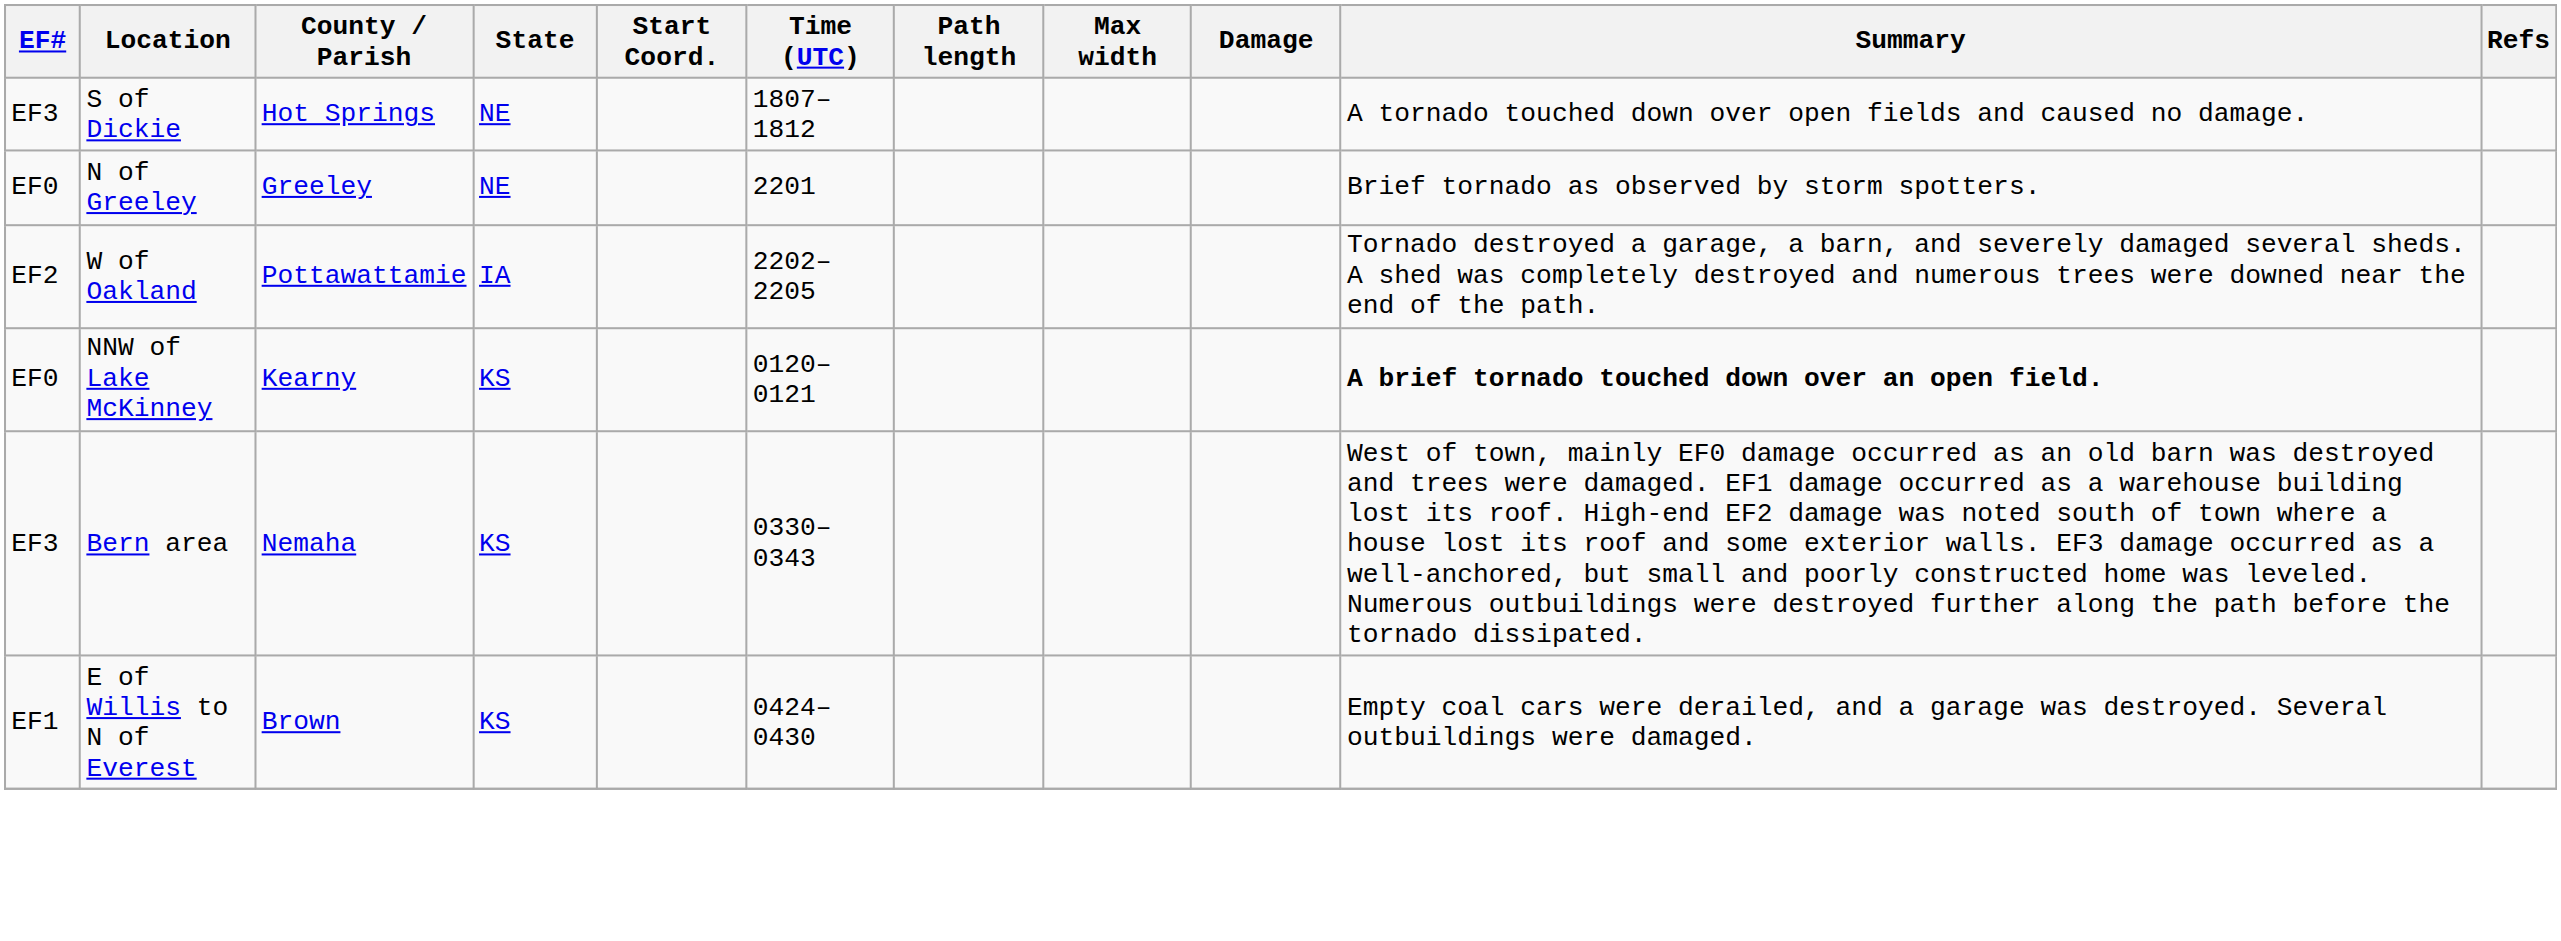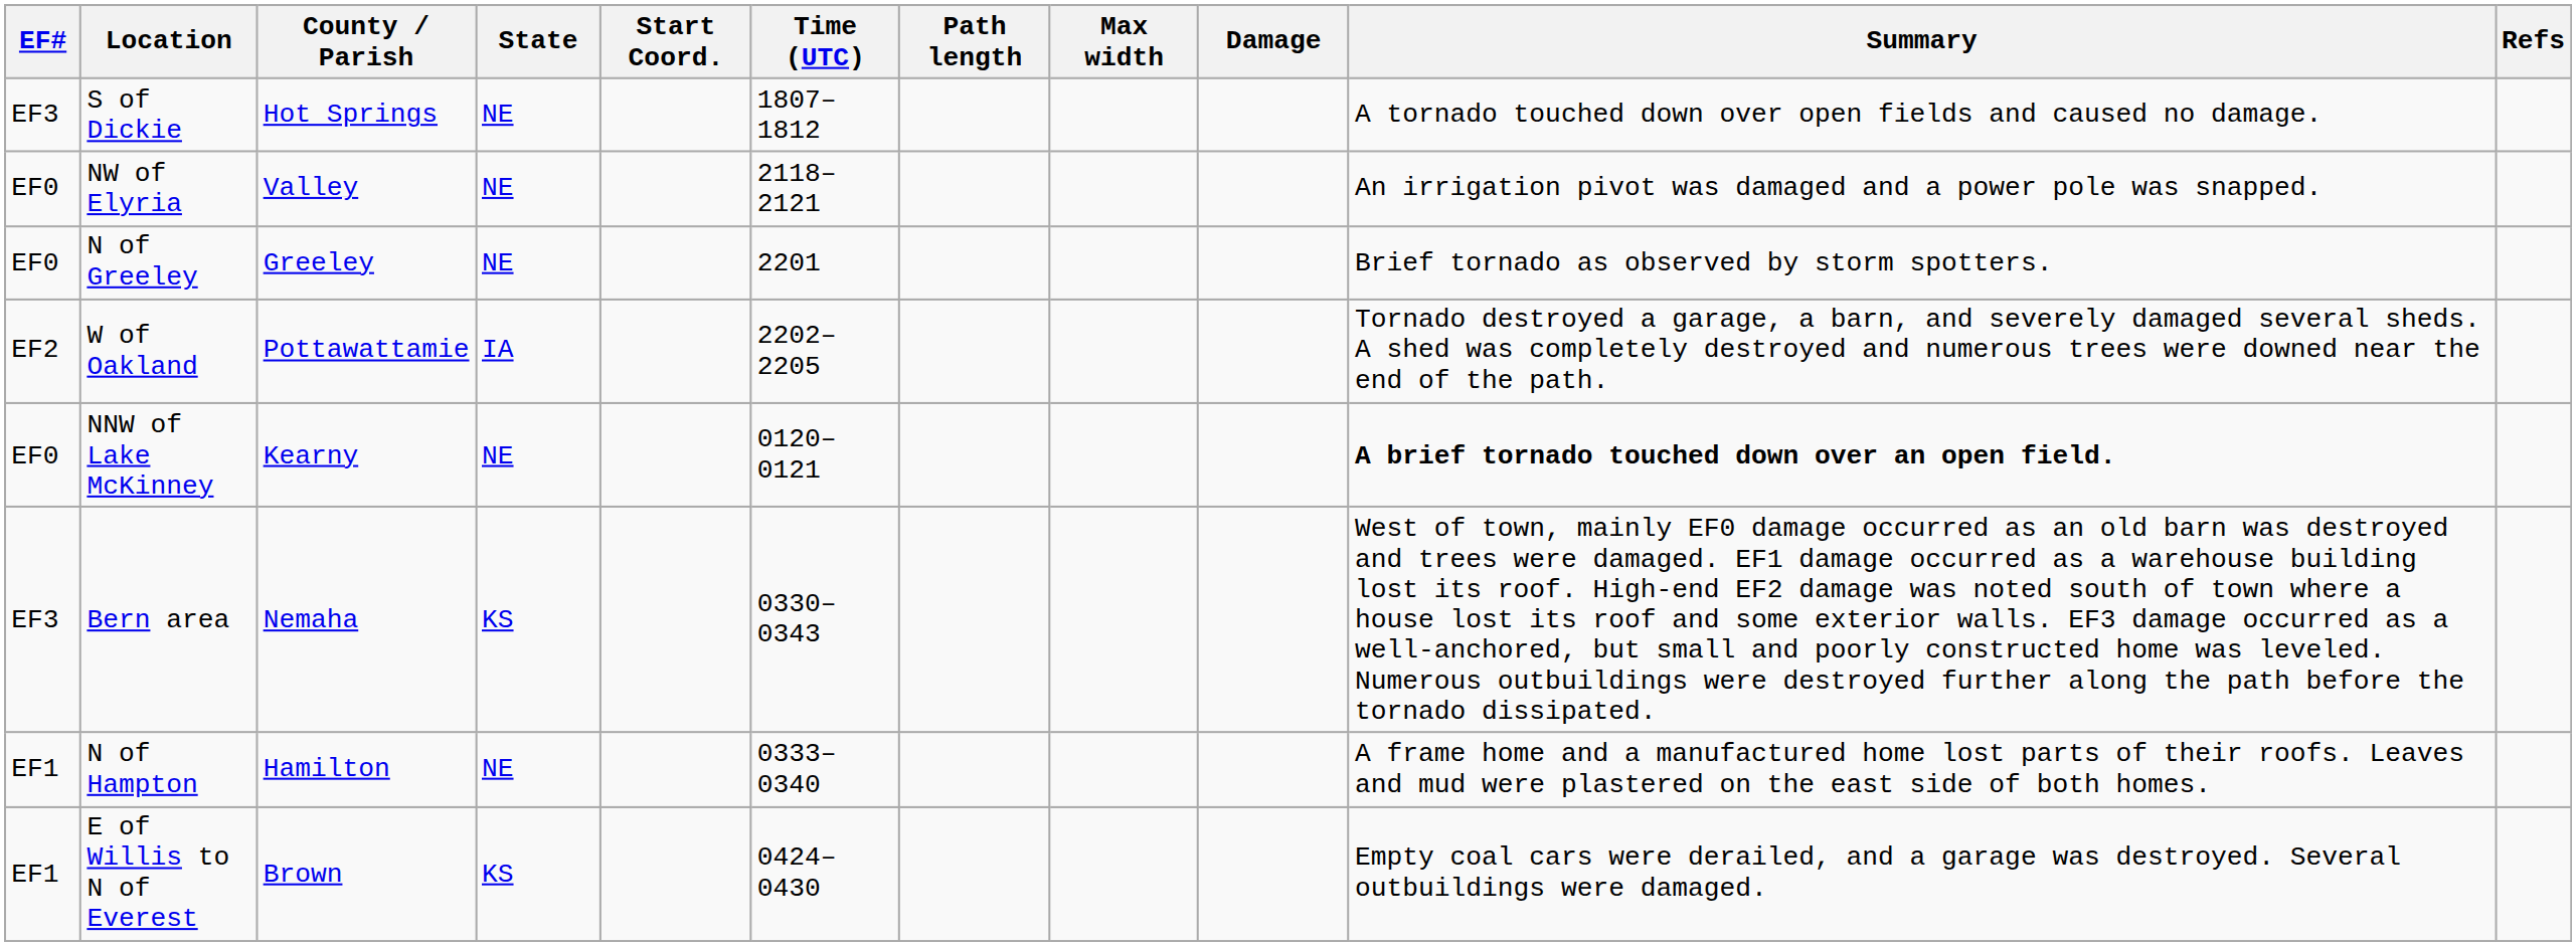 <table class="wikitable sortable" style="width:100%;">
 <tr>
 <th scope="col" width="3%" align="center"><a href='#'>EF#</a></th>
 <th scope="col" width="7%" align="center" class="unsortable">Location</th>
 <th scope="col" width="6%" align="center" class="unsortable">County / Parish</th>
 <th scope="col" width="5%" align="center">State</th>
 <th scope="col" width="6%" align="center">Start Coord.</th>
 <th scope="col" width="6%" align="center">Time (<a href='#'>UTC</a>)</th>
 <th scope="col" width="6%" align="center">Path length</th>
 <th scope="col" width="6%" align="center">Max width</th>
 <th scope="col" width="6%" align="center">Damage</th>
 <th scope="col" width="48%" class="unsortable" align="center">Summary</th>
 <th scope="col" width="48%" class="unsortable" align="center">Refs</th>
 </tr>
 <tr>
 <td>EF3</td>
 <td>S of <a href='#'>Dickie</a></td>
 <td><a href='#'>Hot Springs</a></td>
 <td><a href='#'>NE</a></td>
 <td></td>
 <td>1807–1812</td>
 <td></td>
 <td></td>
 <td></td>
 <td>A tornado touched down over open fields and caused no damage.</td>
+<td></td>
+</tr>
+<tr>
+<td>EF0</td>
+<td>NW of <a href='#'>Elyria</a></td>
+<td><a href='#'>Valley</a></td>
+<td><a href='#'>NE</a></td>
+<td></td>
+<td>2118–2121</td>
+<td></td>
+<td></td>
+<td></td>
+<td>An irrigation pivot was damaged and a power pole was snapped.</td>
 <td></td>
 </tr>
 <tr>
 <td>EF0</td>
 <td>N of <a href='#'>Greeley</a></td>
 <td><a href='#'>Greeley</a></td>
 <td><a href='#'>NE</a></td>
 <td></td>
 <td>2201</td>
 <td></td>
 <td></td>
 <td></td>
 <td>Brief tornado as observed by storm spotters.</td>
 <td></td>
 </tr>
 <tr>
 <td>EF2</td>
 <td>W of <a href='#'>Oakland</a></td>
 <td><a href='#'>Pottawattamie</a></td>
 <td><a href='#'>IA</a></td>
 <td></td>
 <td>2202–2205</td>
 <td></td>
 <td></td>
 <td></td>
 <td>Tornado destroyed a garage, a barn, and severely damaged several sheds. A shed was completely destroyed and numerous trees were downed near the end of the path.</td>
 <td></td>
 </tr>
 <tr>
 <td>EF0</td>
 <td>NNW of <a href='#'>Lake McKinney</a></td>
 <td><a href='#'>Kearny</a></td>
-<td><a href='#'>KS</a></td>
+<td><a href='#'>NE</a></td>
 <td></td>
 <td>0120–0121</td>
 <td></td>
 <td></td>
 <td></td>
 <td><strong>A brief tornado touched down over an open field.</strong></td>
 <td></td>
 </tr>
 <tr>
 <td>EF3</td>
 <td><a href='#'>Bern</a> area</td>
 <td><a href='#'>Nemaha</a></td>
 <td><a href='#'>KS</a></td>
 <td></td>
 <td>0330–0343</td>
 <td></td>
 <td></td>
 <td></td>
 <td>West of town, mainly EF0 damage occurred as an old barn was destroyed and trees were damaged. EF1 damage occurred as a warehouse building lost its roof. High-end EF2 damage was noted south of town where a house lost its roof and some exterior walls. EF3 damage occurred as a well-anchored, but small and poorly constructed home was leveled. Numerous outbuildings were destroyed further along the path before the tornado dissipated.</td>
 <td></td>
 </tr>
 <tr>
 <td>EF1</td>
+<td>N of <a href='#'>Hampton</a></td>
+<td><a href='#'>Hamilton</a></td>
+<td><a href='#'>NE</a></td>
+<td></td>
+<td>0333–0340</td>
+<td></td>
+<td></td>
+<td></td>
+<td>A frame home and a manufactured home lost parts of their roofs. Leaves and mud were plastered on the east side of both homes.</td>
+<td></td>
+</tr>
+<tr>
+<td>EF1</td>
 <td>E of <a href='#'>Willis</a> to N of <a href='#'>Everest</a></td>
 <td><a href='#'>Brown</a></td>
 <td><a href='#'>KS</a></td>
 <td></td>
 <td>0424–0430</td>
 <td></td>
 <td></td>
 <td></td>
 <td>Empty coal cars were derailed, and a garage was destroyed. Several outbuildings were damaged.</td>
 <td></td>
 </tr>
 <tr>
 </tr>
 </table>
